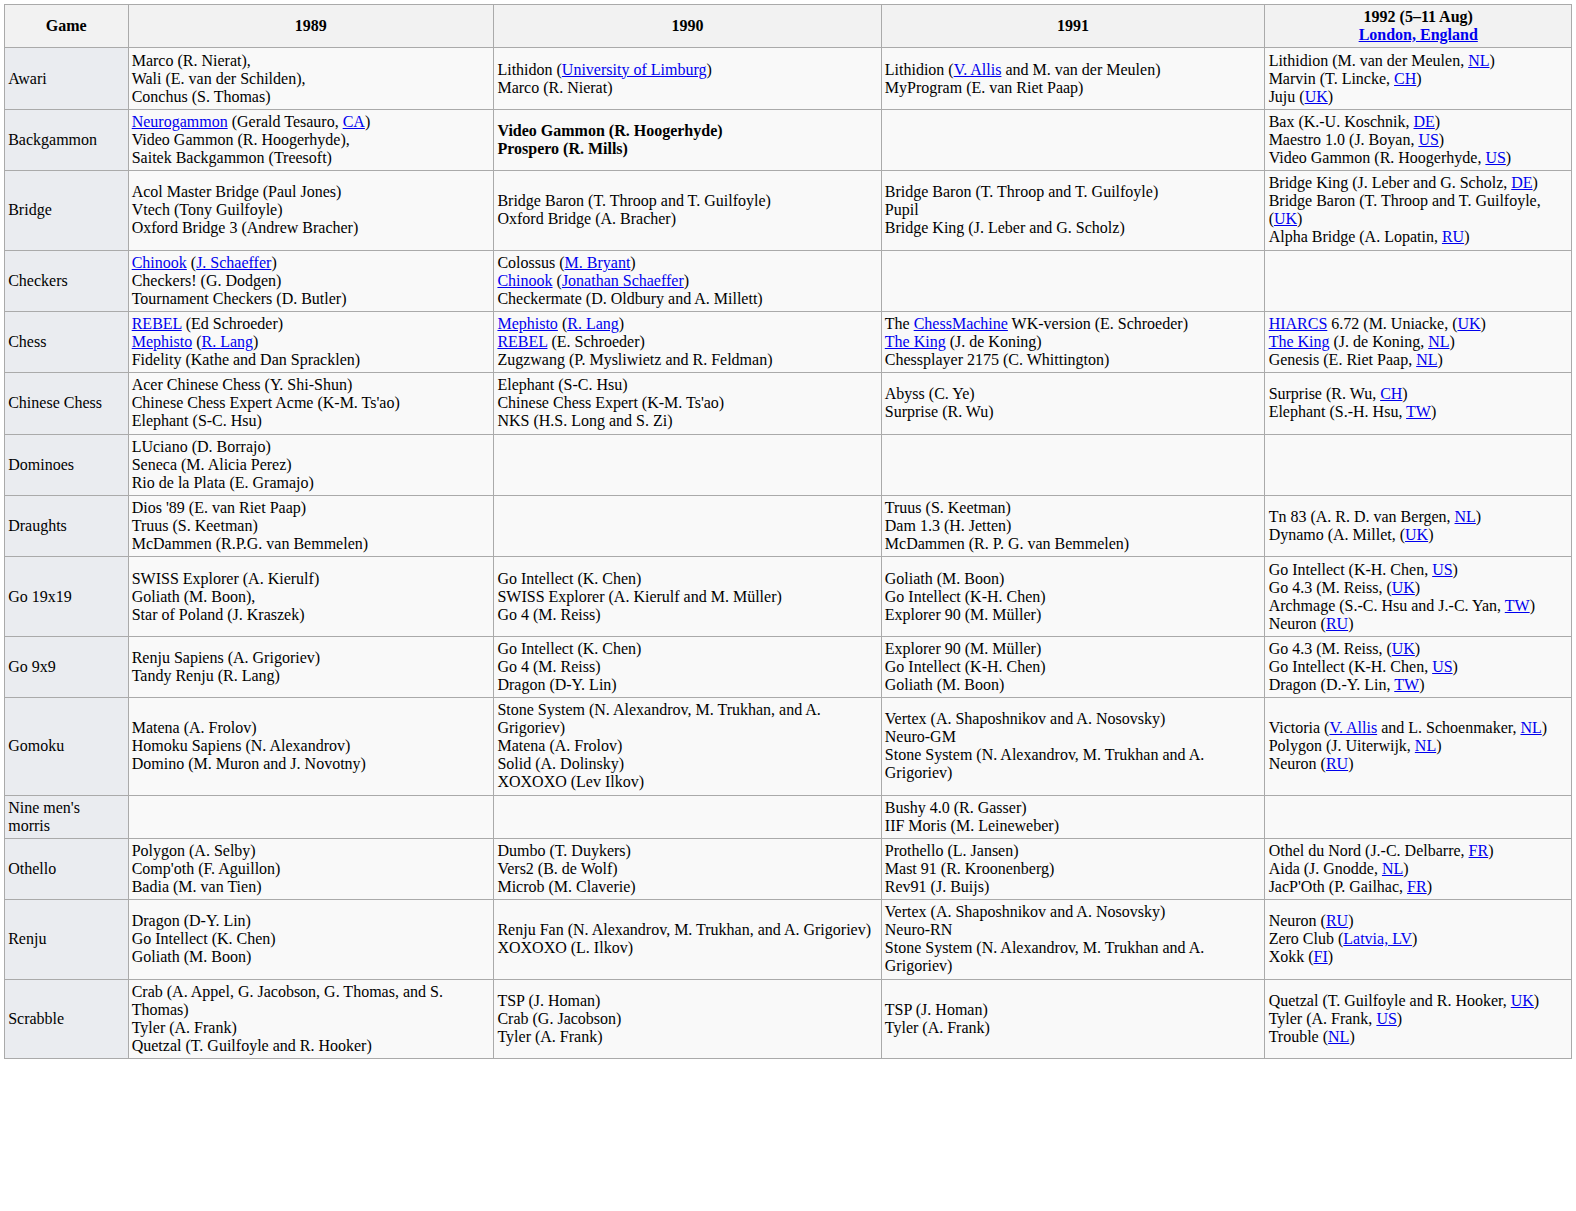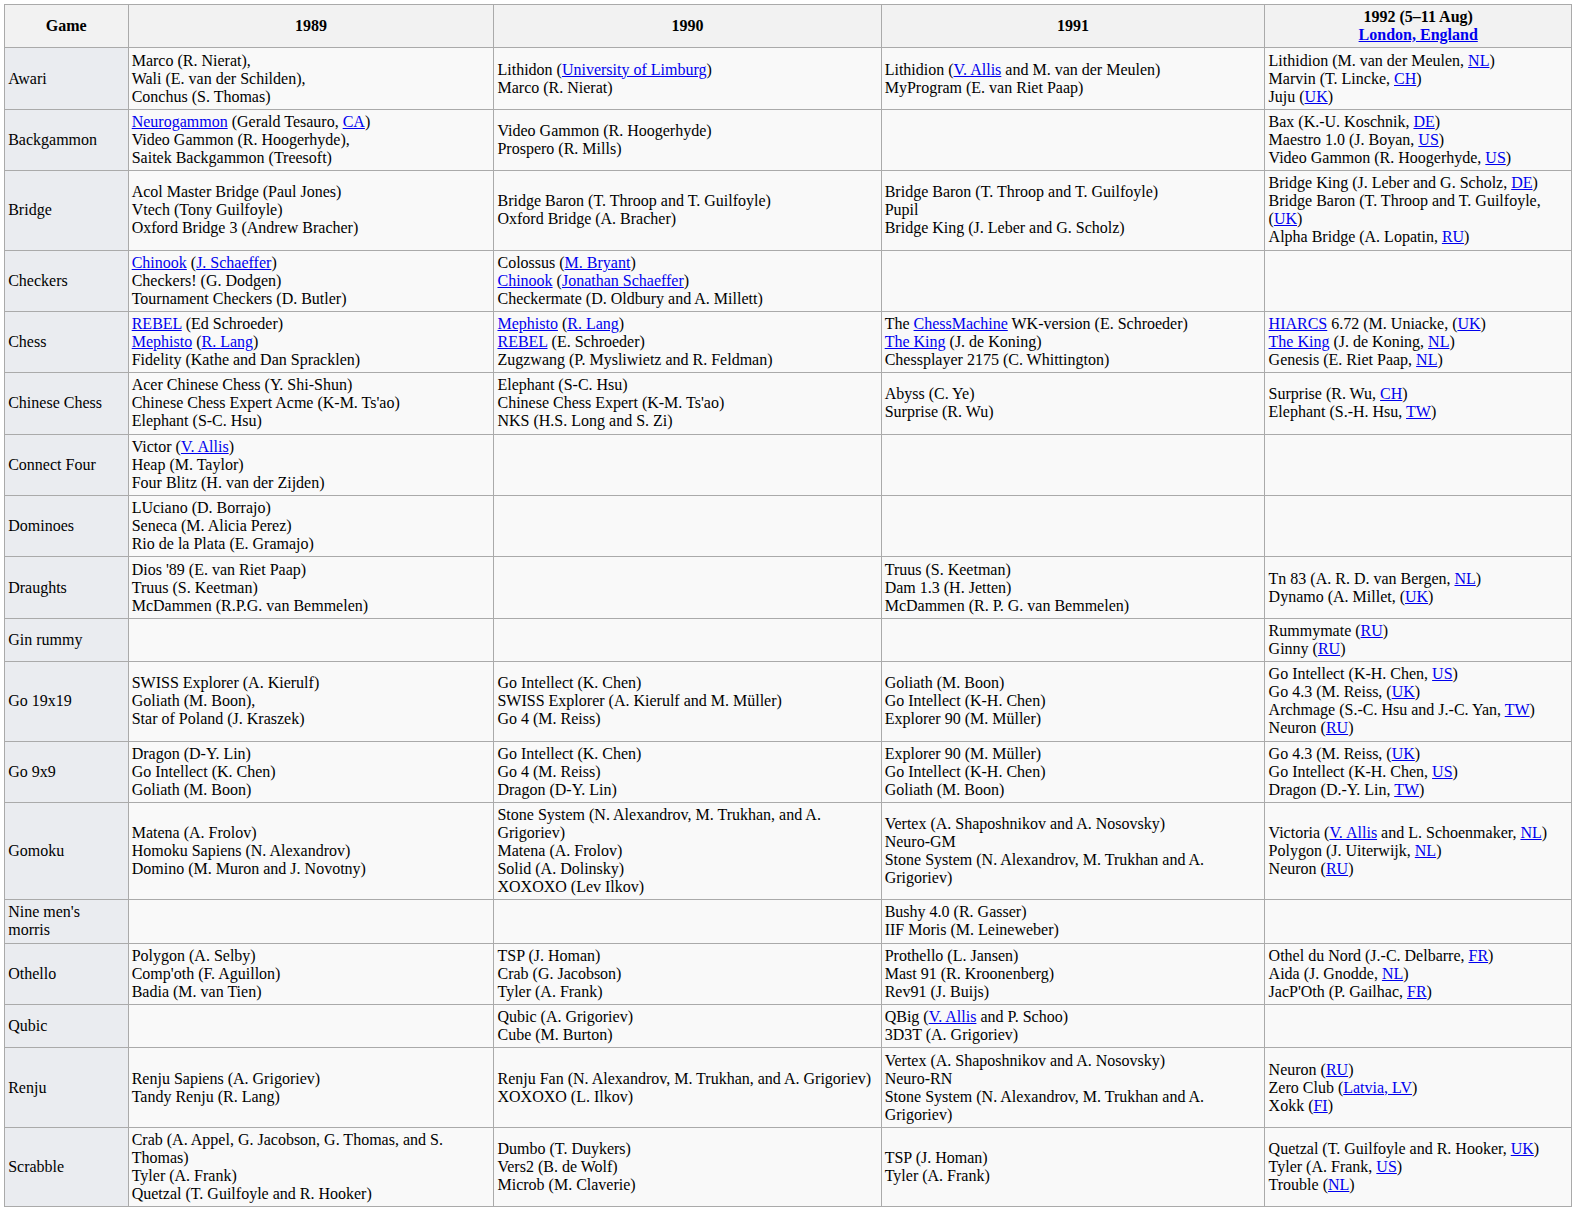 <table class="wikitable sortable">
 <tr>
 <th>Game</th>
 <th>1989</th>
 <th>1990</th>
 <th>1991</th>
 <th>1992 (5–11 Aug)<br><a href='#'>London, England</a></th>
 </tr>
 <tr>
 <td style="background:#EAECF0">Awari</td>
 <td> Marco (R. Nierat),<br> Wali (E. van der Schilden),<br> Conchus (S. Thomas)</td>
 <td> Lithidon (<a href='#'>University of Limburg</a>)<br> Marco (R. Nierat)</td>
 <td> Lithidion (<a href='#'>V. Allis</a> and M. van der Meulen)<br>MyProgram (E. van Riet Paap)</td>
 <td> Lithidion (M. van der Meulen, <a href='#'>NL</a>)<br> Marvin (T. Lincke, <a href='#'>CH</a>)<br> Juju (<a href='#'>UK</a>)</td>
 </tr>
 <tr>
 <td style="background:#EAECF0">Backgammon</td>
 <td> <a href='#'>Neurogammon</a> (Gerald Tesauro, <a href='#'>CA</a>)<br> Video Gammon (R. Hoogerhyde),<br> Saitek Backgammon (Treesoft)</td>
-<td><strong> Video Gammon (R. Hoogerhyde)<br> Prospero (R. Mills)</strong></td>
+<td> Video Gammon (R. Hoogerhyde)<br> Prospero (R. Mills)</td>
 <td></td>
 <td> Bax (K.-U. Koschnik, <a href='#'>DE</a>)<br> Maestro 1.0 (J. Boyan, <a href='#'>US</a>)<br> Video Gammon (R. Hoogerhyde, <a href='#'>US</a>)</td>
 </tr>
 <tr>
 <td style="background:#EAECF0">Bridge</td>
 <td> Acol Master Bridge (Paul Jones)<br> Vtech (Tony Guilfoyle)<br> Oxford Bridge 3 (Andrew Bracher)</td>
 <td> Bridge Baron (T. Throop and T. Guilfoyle)<br> Oxford Bridge (A. Bracher)</td>
 <td> Bridge Baron (T. Throop and T. Guilfoyle)<br> Pupil<br> Bridge King (J. Leber and G. Scholz)</td>
 <td> Bridge King (J. Leber and G. Scholz, <a href='#'>DE</a>)<br> Bridge Baron (T. Throop and T. Guilfoyle, (<a href='#'>UK</a>)<br> Alpha Bridge (A. Lopatin, <a href='#'>RU</a>)</td>
 </tr>
 <tr>
 <td style="background:#EAECF0">Checkers</td>
 <td> <a href='#'>Chinook</a> (<a href='#'>J. Schaeffer</a>)<br> Checkers! (G. Dodgen)<br> Tournament Checkers (D. Butler)</td>
 <td> Colossus (<a href='#'>M. Bryant</a>)<br> <a href='#'>Chinook</a> (<a href='#'>Jonathan Schaeffer</a>)<br> Checkermate (D. Oldbury and A. Millett)</td>
 <td></td>
 <td></td>
 </tr>
 <tr>
 <td style="background:#EAECF0">Chess</td>
 <td> <a href='#'>REBEL</a> (Ed Schroeder)<br> <a href='#'>Mephisto</a> (<a href='#'>R. Lang</a>)<br> Fidelity (Kathe and Dan Spracklen)</td>
 <td> <a href='#'>Mephisto</a> (<a href='#'>R. Lang</a>)<br> <a href='#'>REBEL</a> (E. Schroeder)<br> Zugzwang (P. Mysliwietz and R. Feldman)</td>
 <td> The <a href='#'>ChessMachine</a> WK-version (E. Schroeder)<br><a href='#'>The King</a> (J. de Koning)<br> Chessplayer 2175 (C. Whittington)</td>
 <td> <a href='#'>HIARCS</a> 6.72 (M. Uniacke, (<a href='#'>UK</a>)<br> <a href='#'>The King</a> (J. de Koning, <a href='#'>NL</a>)<br> Genesis (E. Riet Paap, <a href='#'>NL</a>)</td>
 </tr>
 <tr>
 <td style="background:#EAECF0">Chinese Chess</td>
 <td> Acer Chinese Chess (Y. Shi-Shun)<br> Chinese Chess Expert Acme (K-M. Ts'ao)<br> Elephant (S-C. Hsu)</td>
 <td> Elephant (S-C. Hsu)<br> Chinese Chess Expert (K-M. Ts'ao)<br> NKS (H.S. Long and S. Zi)</td>
 <td> Abyss (C. Ye)<br> Surprise (R. Wu)</td>
 <td> Surprise (R. Wu, <a href='#'>CH</a>)<br> Elephant (S.-H. Hsu, <a href='#'>TW</a>)</td>
 </tr>
 <tr>
+<td style="background:#EAECF0">Connect Four</td>
+<td> Victor (<a href='#'>V. Allis</a>)<br> Heap (M. Taylor)<br> Four Blitz (H. van der Zijden)</td>
+<td></td>
+<td></td>
+<td></td>
+</tr>
+<tr>
 <td style="background:#EAECF0">Dominoes</td>
 <td> LUciano (D. Borrajo)<br> Seneca (M. Alicia Perez)<br> Rio de la Plata (E. Gramajo)</td>
 <td></td>
 <td></td>
 <td></td>
 </tr>
 <tr>
 <td style="background:#EAECF0">Draughts</td>
 <td> Dios '89 (E. van Riet Paap)<br> Truus (S. Keetman)<br> McDammen (R.P.G. van Bemmelen)</td>
 <td></td>
 <td> Truus (S. Keetman)<br> Dam 1.3 (H. Jetten)<br> McDammen (R. P. G. van Bemmelen)</td>
 <td> Tn 83 (A. R. D. van Bergen, <a href='#'>NL</a>)<br> Dynamo (A. Millet, (<a href='#'>UK</a>)</td>
 </tr>
 <tr>
+<td style="background:#EAECF0">Gin rummy</td>
+<td></td>
+<td></td>
+<td></td>
+<td> Rummymate (<a href='#'>RU</a>)<br> Ginny (<a href='#'>RU</a>)</td>
+</tr>
+<tr>
 <td style="background:#EAECF0">Go 19x19</td>
 <td> SWISS Explorer (A. Kierulf)<br> Goliath (M. Boon),<br>Star of Poland (J. Kraszek)</td>
 <td> Go Intellect (K. Chen)<br> SWISS Explorer (A. Kierulf and M. Müller)<br> Go 4 (M. Reiss)</td>
 <td> Goliath (M. Boon)<br> Go Intellect (K-H. Chen)<br> Explorer 90 (M. Müller)</td>
 <td> Go Intellect (K-H. Chen, <a href='#'>US</a>)<br> Go 4.3 (M. Reiss, (<a href='#'>UK</a>)<br> Archmage (S.-C. Hsu and J.-C. Yan, <a href='#'>TW</a>)<br> Neuron (<a href='#'>RU</a>)</td>
 </tr>
 <tr>
 <td style="background:#EAECF0">Go 9x9</td>
-<td> Renju Sapiens (A. Grigoriev)<br> Tandy Renju (R. Lang)</td>
+<td> Dragon (D-Y. Lin)<br> Go Intellect (K. Chen)<br> Goliath (M. Boon)</td>
 <td> Go Intellect (K. Chen)<br> Go 4 (M. Reiss)<br> Dragon (D-Y. Lin)</td>
 <td> Explorer 90 (M. Müller)<br> Go Intellect (K-H. Chen)<br> Goliath (M. Boon)</td>
 <td> Go 4.3 (M. Reiss, (<a href='#'>UK</a>)<br> Go Intellect (K-H. Chen, <a href='#'>US</a>)<br> Dragon (D.-Y. Lin, <a href='#'>TW</a>)</td>
 </tr>
 <tr>
 <td style="background:#EAECF0">Gomoku</td>
 <td> Matena (A. Frolov)<br> Homoku Sapiens (N. Alexandrov)<br> Domino (M. Muron and J. Novotny)</td>
 <td> Stone System (N. Alexandrov, M. Trukhan, and A. Grigoriev)<br> Matena (A. Frolov)<br> Solid (A. Dolinsky)<br> XOXOXO (Lev Ilkov)</td>
 <td> Vertex (A. Shaposhnikov and A. Nosovsky)<br> Neuro-GM<br> Stone System (N. Alexandrov, M. Trukhan and A. Grigoriev)</td>
 <td> Victoria (<a href='#'>V. Allis</a> and L. Schoenmaker, <a href='#'>NL</a>)<br> Polygon (J. Uiterwijk, <a href='#'>NL</a>)<br> Neuron (<a href='#'>RU</a>)</td>
 </tr>
 <tr>
 <td style="background:#EAECF0">Nine men's morris</td>
 <td></td>
 <td></td>
 <td> Bushy 4.0 (R. Gasser)<br> IIF Moris (M. Leineweber)</td>
 <td></td>
 </tr>
 <tr>
 <td style="background:#EAECF0">Othello</td>
 <td> Polygon (A. Selby)<br> Comp'oth (F. Aguillon)<br> Badia (M. van Tien)</td>
-<td> Dumbo (T. Duykers)<br> Vers2 (B. de Wolf)<br> Microb (M. Claverie)</td>
+<td> TSP (J. Homan)<br> Crab (G. Jacobson)<br> Tyler (A. Frank)</td>
 <td> Prothello (L. Jansen)<br> Mast 91 (R. Kroonenberg)<br> Rev91 (J. Buijs)</td>
 <td> Othel du Nord (J.-C. Delbarre, <a href='#'>FR</a>)<br> Aida (J. Gnodde, <a href='#'>NL</a>)<br> JacP'Oth (P. Gailhac, <a href='#'>FR</a>)</td>
 </tr>
 <tr>
+<td style="background:#EAECF0">Qubic</td>
+<td></td>
+<td> Qubic (A. Grigoriev)<br> Cube (M. Burton)</td>
+<td> QBig (<a href='#'>V. Allis</a> and P. Schoo)<br> 3D3T (A. Grigoriev)</td>
+<td></td>
+</tr>
+<tr>
 <td style="background:#EAECF0">Renju</td>
-<td> Dragon (D-Y. Lin)<br> Go Intellect (K. Chen)<br> Goliath (M. Boon)</td>
+<td> Renju Sapiens (A. Grigoriev)<br> Tandy Renju (R. Lang)</td>
 <td> Renju Fan (N. Alexandrov, M. Trukhan, and A. Grigoriev)<br> XOXOXO (L. Ilkov)</td>
 <td> Vertex (A. Shaposhnikov and A. Nosovsky)<br> Neuro-RN<br> Stone System (N. Alexandrov, M. Trukhan and A. Grigoriev)</td>
 <td> Neuron (<a href='#'>RU</a>)<br> Zero Club (<a href='#'>Latvia, LV</a>)<br> Xokk (<a href='#'>FI</a>)</td>
 </tr>
 <tr>
 <td style="background:#EAECF0">Scrabble</td>
 <td> Crab (A. Appel, G. Jacobson, G. Thomas, and S. Thomas)<br> Tyler (A. Frank)<br> Quetzal (T. Guilfoyle and R. Hooker)</td>
-<td> TSP (J. Homan)<br> Crab (G. Jacobson)<br> Tyler (A. Frank)</td>
+<td> Dumbo (T. Duykers)<br> Vers2 (B. de Wolf)<br> Microb (M. Claverie)</td>
 <td> TSP (J. Homan)<br> Tyler (A. Frank)</td>
 <td> Quetzal (T. Guilfoyle and R. Hooker, <a href='#'>UK</a>)<br> Tyler (A. Frank, <a href='#'>US</a>)<br> Trouble (<a href='#'>NL</a>)</td>
 </tr>
 </table>
